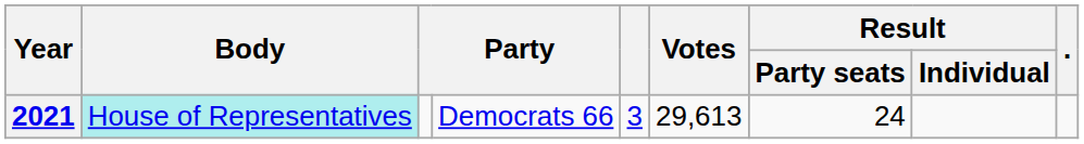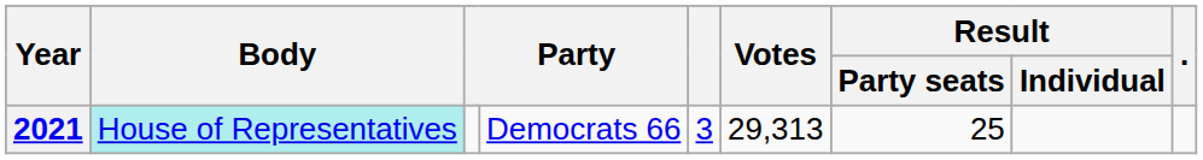 <table class="wikitable plainrowheaders sortable" border=2 cellpadding=4 cellspacing=0 style="border: 1px #aaa solid; font-size: 90%; text-align:center;">
 <tr>
 <th scope="col" rowspan=2>Year</th>
 <th scope="col" rowspan=2>Body</th>
 <th scope="col" colspan=2 rowspan=2>Party</th>
 <th scope="col" rowspan=2></th>
 <th scope="col" rowspan=2>Votes</th>
 <th scope="colgroup" colspan=2>Result</th>
 <th scope="col" rowspan=2 class="unsortable">.</th>
 </tr>
 <tr>
 <th scope="col">Party seats</th>
 <th scope="col">Individual</th>
 </tr>
 <tr>
 <th scope="row"><a href='#'>2021</a></th>
 <td style="background: paleturquoise;"><a href='#'>House of Representatives</a></td>
 <td style="background-color:"></td>
 <td><a href='#'>Democrats 66</a></td>
 <td style=text-align:right><a href='#'>3</a></td>
-<td style=text-align:right>29,613</td>
-<td style=text-align:right>24</td>
+<td style=text-align:right>29,313</td>
+<td style=text-align:right>25</td>
 <td></td>
 <td></td>
 </tr>
 </table>
